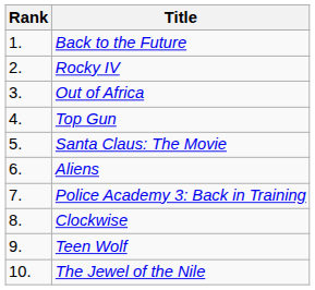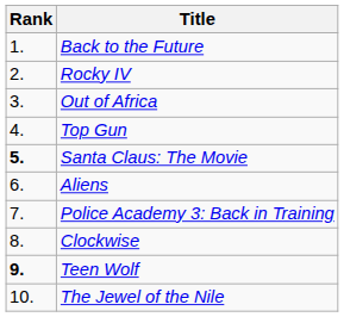 <table class="wikitable sortable" style="margin:auto; margin:auto;">
 <tr>
 <th>Rank</th>
 <th>Title</th>
 </tr>
 <tr>
 <td>1.</td>
 <td><em><a href='#'>Back to the Future</a></em></td>
 </tr>
 <tr>
 <td>2.</td>
 <td><em><a href='#'>Rocky IV</a></em></td>
 </tr>
 <tr>
 <td>3.</td>
 <td><em><a href='#'>Out of Africa</a></em></td>
 </tr>
 <tr>
 <td>4.</td>
 <td><em><a href='#'>Top Gun</a></em></td>
 </tr>
 <tr>
-<td>5.</td>
+<td><strong>5.</strong></td>
 <td><em><a href='#'>Santa Claus: The Movie</a></em></td>
 </tr>
 <tr>
 <td>6.</td>
 <td><em><a href='#'>Aliens</a></em></td>
 </tr>
 <tr>
 <td>7.</td>
 <td><em><a href='#'>Police Academy 3: Back in Training</a></em></td>
 </tr>
 <tr>
 <td>8.</td>
 <td><em><a href='#'>Clockwise</a></em></td>
 </tr>
 <tr>
-<td>9.</td>
+<td><strong>9.</strong></td>
 <td><em><a href='#'>Teen Wolf</a></em></td>
 </tr>
 <tr>
 <td>10.</td>
 <td><em><a href='#'>The Jewel of the Nile</a></em></td>
 </tr>
 </table>
